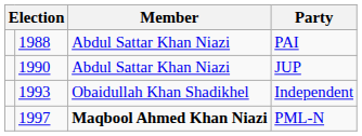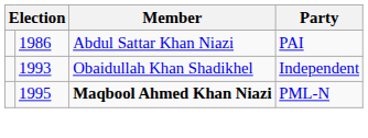 <table class="wikitable">
 <tr>
 <th colspan="2">Election</th>
 <th>Member</th>
 <th>Party</th>
 </tr>
 <tr>
 <td style="background-color: "></td>
-<td><a href='#'>1988</a></td>
+<td><a href='#'>1986</a></td>
 <td><a href='#'>Abdul Sattar Khan Niazi</a></td>
 <td><a href='#'>PAI</a></td>
-</tr>
-<tr>
-<td style="background-color: "></td>
-<td><a href='#'>1990</a></td>
-<td><a href='#'>Abdul Sattar Khan Niazi</a></td>
-<td><a href='#'>JUP</a></td>
 </tr>
 <tr>
 <td style="background-color: "></td>
 <td><a href='#'>1993</a></td>
 <td><a href='#'>Obaidullah Khan Shadikhel</a></td>
 <td><a href='#'>Independent</a></td>
 </tr>
 <tr>
 <td style="background-color: "></td>
-<td><a href='#'>1997</a></td>
+<td><a href='#'>1995</a></td>
 <td><strong>Maqbool Ahmed Khan Niazi</strong></td>
 <td><a href='#'>PML-N</a></td>
 </tr>
 </table>
